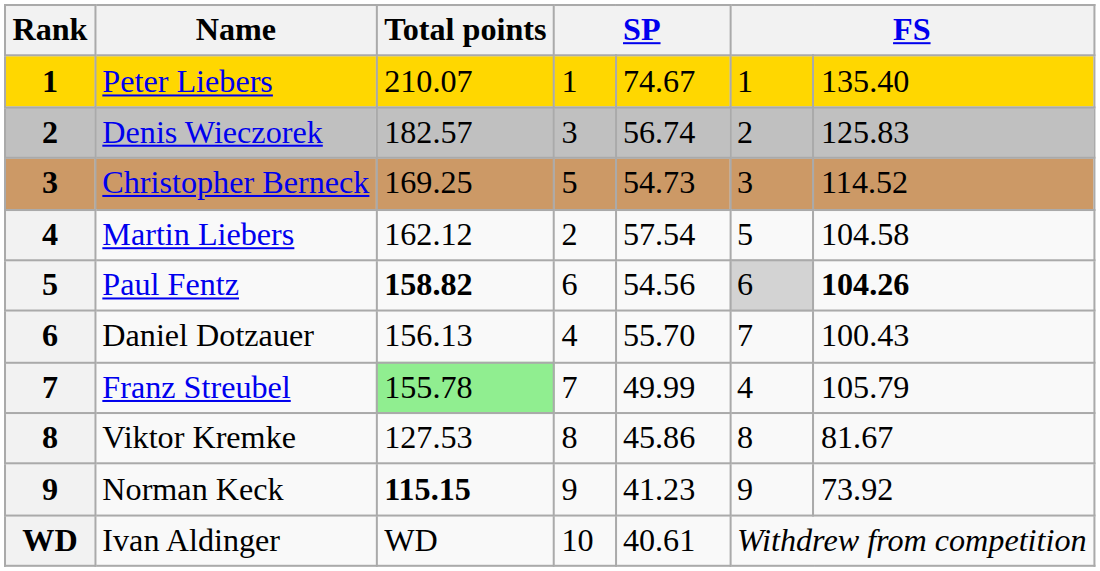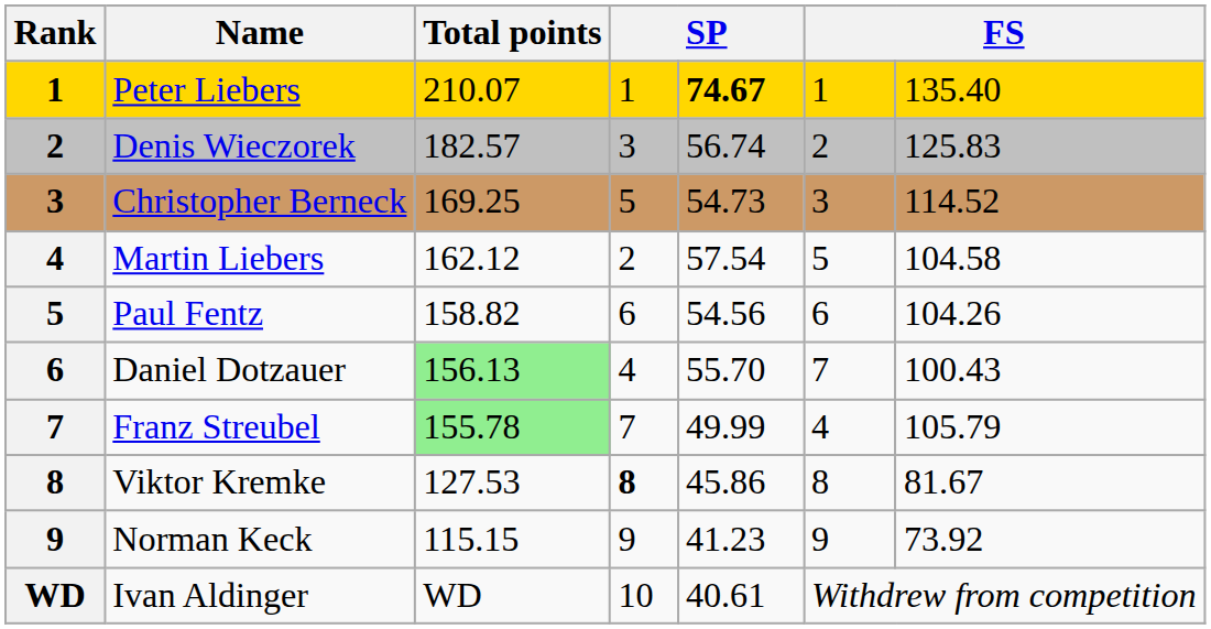 <table class="wikitable sortable">
 <tr>
 <th>Rank</th>
 <th>Name</th>
 <th>Total points</th>
 <th colspan="2" width="80px"><a href='#'>SP</a></th>
 <th colspan="2" width="80px"><a href='#'>FS</a></th>
 </tr>
 <tr bgcolor="gold">
 <td align="center"><strong>1</strong></td>
 <td><a href='#'>Peter Liebers</a></td>
 <td>210.07</td>
 <td>1</td>
-<td>74.67</td>
+<td><strong>74.67</strong></td>
 <td>1</td>
 <td>135.40</td>
 </tr>
 <tr bgcolor="silver">
 <td align="center"><strong>2</strong></td>
 <td><a href='#'>Denis Wieczorek</a></td>
 <td>182.57</td>
 <td>3</td>
 <td>56.74</td>
 <td>2</td>
 <td>125.83</td>
 </tr>
 <tr bgcolor="cc9966">
 <td align="center"><strong>3</strong></td>
 <td><a href='#'>Christopher Berneck</a></td>
 <td>169.25</td>
 <td>5</td>
 <td>54.73</td>
 <td>3</td>
 <td>114.52</td>
 </tr>
 <tr>
 <th>4</th>
 <td><a href='#'>Martin Liebers</a></td>
 <td>162.12</td>
 <td>2</td>
 <td>57.54</td>
 <td>5</td>
 <td>104.58</td>
 </tr>
 <tr>
 <th>5</th>
 <td><a href='#'>Paul Fentz</a></td>
-<td><strong>158.82</strong></td>
+<td>158.82</td>
 <td>6</td>
 <td>54.56</td>
-<td style="background: lightgrey;">6</td>
-<td><strong>104.26</strong></td>
+<td>6</td>
+<td>104.26</td>
 </tr>
 <tr>
 <th>6</th>
 <td>Daniel Dotzauer</td>
-<td>156.13</td>
+<td style="background: lightgreen;">156.13</td>
 <td>4</td>
 <td>55.70</td>
 <td>7</td>
 <td>100.43</td>
 </tr>
 <tr>
 <th>7</th>
 <td><a href='#'>Franz Streubel</a></td>
 <td style="background: lightgreen;">155.78</td>
 <td>7</td>
 <td>49.99</td>
 <td>4</td>
 <td>105.79</td>
 </tr>
 <tr>
 <th>8</th>
 <td>Viktor Kremke</td>
 <td>127.53</td>
-<td>8</td>
+<td><strong>8</strong></td>
 <td>45.86</td>
 <td>8</td>
 <td>81.67</td>
 </tr>
 <tr>
 <th>9</th>
 <td>Norman Keck</td>
-<td><strong>115.15</strong></td>
+<td>115.15</td>
 <td>9</td>
 <td>41.23</td>
 <td>9</td>
 <td>73.92</td>
 </tr>
 <tr>
 <th>WD</th>
 <td>Ivan Aldinger</td>
 <td>WD</td>
 <td>10</td>
 <td>40.61</td>
 <td colspan="2"><em>Withdrew from competition</em></td>
 </tr>
 </table>
